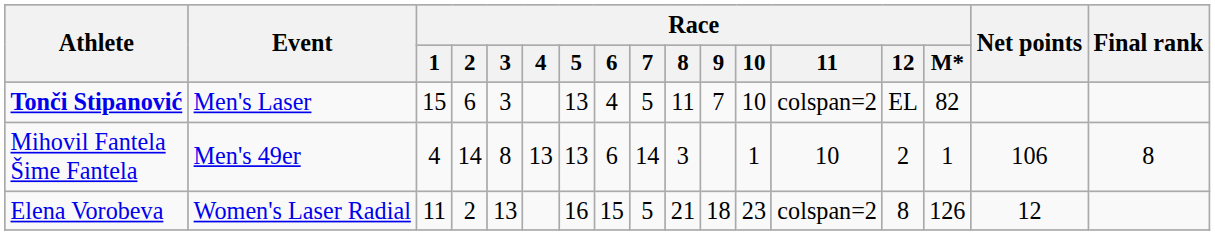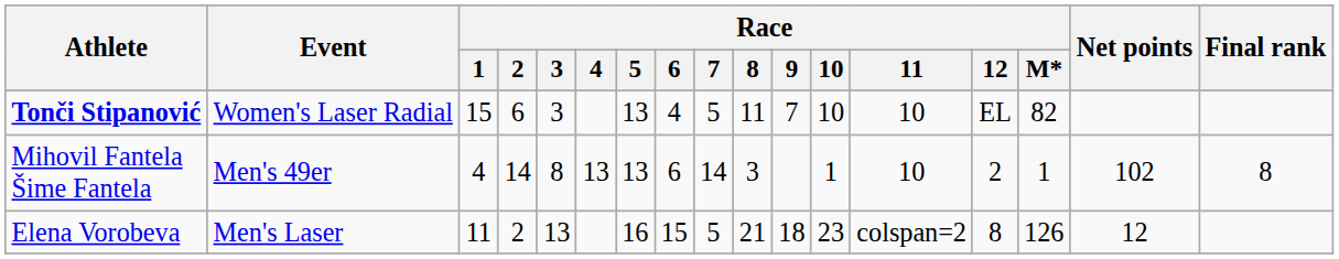 <table class="wikitable" style="font-size:90%">
 <tr>
 <th rowspan="2">Athlete</th>
 <th rowspan="2">Event</th>
 <th colspan=13>Race</th>
 <th rowspan=2>Net points</th>
 <th rowspan=2>Final rank</th>
 </tr>
 <tr style="font-size:95%">
 <th>1</th>
 <th>2</th>
 <th>3</th>
 <th>4</th>
 <th>5</th>
 <th>6</th>
 <th>7</th>
 <th>8</th>
 <th>9</th>
 <th>10</th>
 <th>11</th>
 <th>12</th>
 <th>M*</th>
 </tr>
 <tr align=center>
 <td align=left><strong><a href='#'>Tonči Stipanović</a></strong></td>
-<td align=left><a href='#'>Men's Laser</a></td>
+<td align=left><a href='#'>Women's Laser Radial</a></td>
 <td>15</td>
 <td>6</td>
 <td>3</td>
 <td></td>
 <td>13</td>
 <td>4</td>
 <td>5</td>
 <td>11</td>
 <td>7</td>
 <td>10</td>
-<td>colspan=2 </td>
+<td>10</td>
 <td>EL</td>
 <td>82</td>
 <td></td>
 </tr>
 <tr align=center>
 <td align=left><a href='#'>Mihovil Fantela</a><br><a href='#'>Šime Fantela</a></td>
 <td align=left><a href='#'>Men's 49er</a></td>
 <td>4</td>
 <td>14</td>
 <td>8</td>
 <td>13</td>
 <td>13</td>
 <td>6</td>
 <td>14</td>
 <td>3</td>
 <td></td>
 <td>1</td>
 <td>10</td>
 <td>2</td>
 <td>1</td>
-<td>106</td>
+<td>102</td>
 <td>8</td>
 </tr>
 <tr align=center>
 <td align=left><a href='#'>Elena Vorobeva</a></td>
-<td align=left><a href='#'>Women's Laser Radial</a></td>
+<td align=left><a href='#'>Men's Laser</a></td>
 <td>11</td>
 <td>2</td>
 <td>13</td>
 <td></td>
 <td>16</td>
 <td>15</td>
 <td>5</td>
 <td>21</td>
 <td>18</td>
 <td>23</td>
 <td>colspan=2 </td>
 <td>8</td>
 <td>126</td>
 <td>12</td>
 </tr>
 </table>
